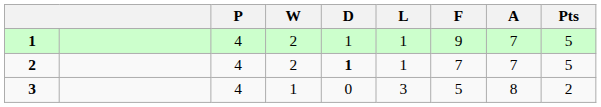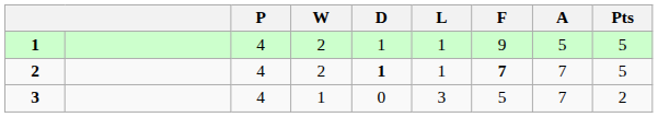 <table class="wikitable">
 <tr>
 <th colspan="2"></th>
 <th rowspan="1">P</th>
 <th rowspan="1">W</th>
 <th colspan="1">D</th>
 <th colspan="1">L</th>
 <th colspan="1">F</th>
 <th colspan="1">A</th>
 <th colspan="1">Pts</th>
 </tr>
 <tr style="background:#ccffcc;">
 <td align=center width="50"><strong>1</strong></td>
 <td width="150"><strong></strong></td>
 <td align=center width="50">4</td>
 <td align=center width="50">2</td>
 <td align=center width="50">1</td>
 <td align=center width="50">1</td>
 <td align=center width="50">9</td>
-<td align=center width="50">7</td>
+<td align=center width="50">5</td>
 <td align=center width="50">5</td>
 </tr>
 <tr>
 <td align=center><strong>2</strong></td>
 <td></td>
 <td align=center>4</td>
 <td align=center>2</td>
 <td align=center><strong>1</strong></td>
 <td align=center>1</td>
-<td align=center>7</td>
+<td align=center><strong>7</strong></td>
 <td align=center>7</td>
 <td align=center>5</td>
 </tr>
 <tr>
 <td align=center><strong>3</strong></td>
 <td></td>
 <td align=center>4</td>
 <td align=center>1</td>
 <td align=center>0</td>
 <td align=center>3</td>
 <td align=center>5</td>
-<td align=center>8</td>
+<td align=center>7</td>
 <td align=center>2</td>
 </tr>
 </table>
